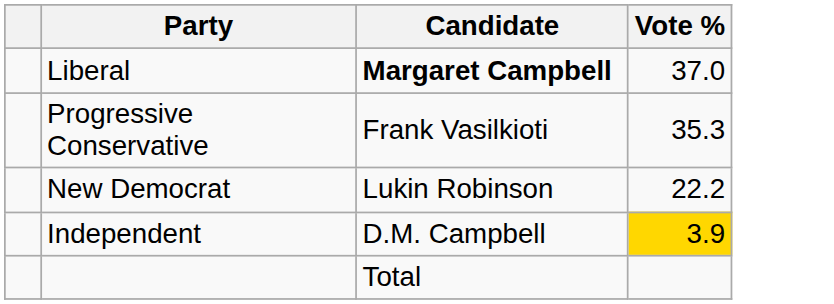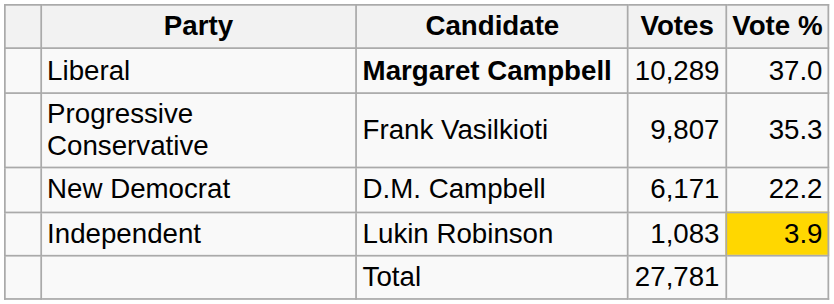 <table class="wikitable">
 <tr>
 <th></th>
 <th scope="col" width="175">Party</th>
 <th scope="col" width="150">Candidate</th>
+<th>Votes</th>
 <th>Vote %</th>
 </tr>
 <tr>
 <td>   </td>
 <td>Liberal</td>
 <td><strong>Margaret Campbell</strong></td>
+<td align=right>10,289</td>
 <td align=right>37.0</td>
 </tr>
 <tr |>
 <td>   </td>
 <td>Progressive Conservative</td>
 <td>Frank Vasilkioti</td>
+<td align=right>9,807</td>
 <td align=right>35.3</td>
 </tr>
 <tr |>
 <td>   </td>
 <td>New Democrat</td>
-<td>Lukin Robinson</td>
+<td>D.M. Campbell</td>
+<td align=right>6,171</td>
 <td align=right>22.2</td>
 </tr>
 <tr |>
 <td>   </td>
 <td>Independent</td>
-<td>D.M. Campbell</td>
+<td>Lukin Robinson</td>
+<td align=right>1,083</td>
 <td align=right style="background: gold;">3.9<br> </td>
 </tr>
 <tr |>
 <td></td>
 <td></td>
 <td>Total</td>
+<td align=right>27,781</td>
 <td></td>
 </tr>
 </table>
